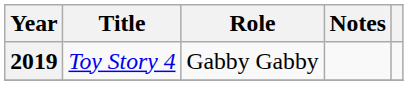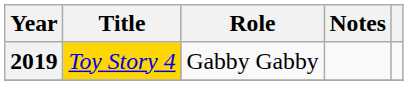 <table class="wikitable plainrowheaders sortable">
 <tr>
 <th scope="col">Year</th>
 <th scope="col">Title</th>
 <th scope="col">Role</th>
 <th scope="col" class="unsortable">Notes</th>
 <th scope="col" class="unsortable"></th>
 </tr>
 <tr>
 <th scope="row">2019</th>
-<td><em><a href='#'>Toy Story 4</a></em></td>
+<td style="background: gold;"><em><a href='#'>Toy Story 4</a></em></td>
 <td>Gabby Gabby</td>
 <td></td>
 <td style="text-align:center"></td>
 </tr>
 <tr>
 </tr>
 </table>
